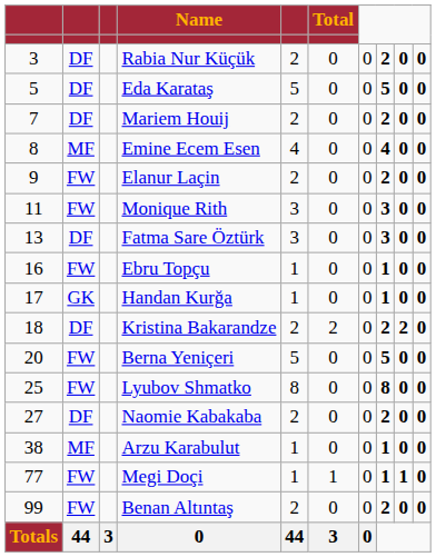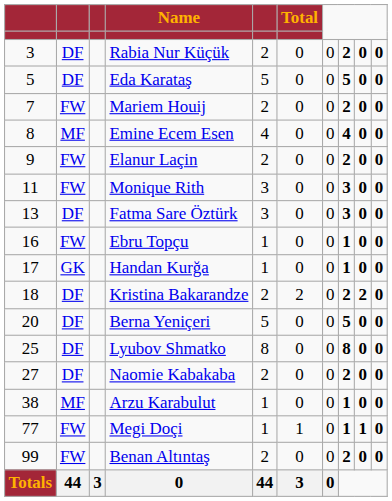 <table class="wikitable" style="text-align:center;">
 <tr>
 <th style="background:#A32638; color:#FFB300; "></th>
 <th style="background:#A32638; color:#FFB300; "></th>
 <th style="background:#A32638; color:#FFB300; "></th>
 <th style="background:#A32638; color:#FFB300; ">Name</th>
 <th style="background:#A32638; color:#FFB300; "></th>
 <th style="background:#A32638; color:#FFB300; ">Total</th>
 </tr>
 <tr>
 <th style="background:#A32638; color:#FFB300; "></th>
 <th style="background:#A32638; color:#FFB300; "></th>
 <th style="background:#A32638; color:#FFB300; "></th>
 <th style="background:#A32638; color:#FFB300; "></th>
 <th style="background:#A32638; color:#FFB300; "></th>
 <th style="background:#A32638; color:#FFB300; "></th>
 </tr>
 <tr>
 <td>3</td>
 <td><a href='#'>DF</a></td>
 <td></td>
 <td align=left><a href='#'>Rabia Nur Küçük</a></td>
 <td>2</td>
 <td>0</td>
 <td>0</td>
 <td><strong>2</strong></td>
 <td><strong>0</strong></td>
 <td><strong>0</strong></td>
 </tr>
 <tr>
 <td>5</td>
 <td><a href='#'>DF</a></td>
 <td></td>
 <td align=left><a href='#'>Eda Karataş</a></td>
 <td>5</td>
 <td>0</td>
 <td>0</td>
 <td><strong>5</strong></td>
 <td><strong>0</strong></td>
 <td><strong>0</strong></td>
 </tr>
 <tr>
 <td>7</td>
-<td><a href='#'>DF</a></td>
+<td><a href='#'>FW</a></td>
 <td></td>
 <td align=left><a href='#'>Mariem Houij</a></td>
 <td>2</td>
 <td>0</td>
 <td>0</td>
 <td><strong>2</strong></td>
 <td><strong>0</strong></td>
 <td><strong>0</strong></td>
 </tr>
 <tr>
 <td>8</td>
 <td><a href='#'>MF</a></td>
 <td></td>
 <td align=left><a href='#'>Emine Ecem Esen</a></td>
 <td>4</td>
 <td>0</td>
 <td>0</td>
 <td><strong>4</strong></td>
 <td><strong>0</strong></td>
 <td><strong>0</strong></td>
 </tr>
 <tr>
 <td>9</td>
 <td><a href='#'>FW</a></td>
 <td></td>
 <td align=left><a href='#'>Elanur Laçin</a></td>
 <td>2</td>
 <td>0</td>
 <td>0</td>
 <td><strong>2</strong></td>
 <td><strong>0</strong></td>
 <td><strong>0</strong></td>
 </tr>
 <tr>
 <td>11</td>
 <td><a href='#'>FW</a></td>
 <td></td>
 <td align=left><a href='#'>Monique Rith</a></td>
 <td>3</td>
 <td>0</td>
 <td>0</td>
 <td><strong>3</strong></td>
 <td><strong>0</strong></td>
 <td><strong>0</strong></td>
 </tr>
 <tr>
 <td>13</td>
 <td><a href='#'>DF</a></td>
 <td></td>
 <td align=left><a href='#'>Fatma Sare Öztürk</a></td>
 <td>3</td>
 <td>0</td>
 <td>0</td>
 <td><strong>3</strong></td>
 <td><strong>0</strong></td>
 <td><strong>0</strong></td>
 </tr>
 <tr>
 <td>16</td>
 <td><a href='#'>FW</a></td>
 <td></td>
 <td align=left><a href='#'>Ebru Topçu</a></td>
 <td>1</td>
 <td>0</td>
 <td>0</td>
 <td><strong>1</strong></td>
 <td><strong>0</strong></td>
 <td><strong>0</strong></td>
 </tr>
 <tr>
 <td>17</td>
 <td><a href='#'>GK</a></td>
 <td></td>
 <td align=left><a href='#'>Handan Kurğa</a></td>
 <td>1</td>
 <td>0</td>
 <td>0</td>
 <td><strong>1</strong></td>
 <td><strong>0</strong></td>
 <td><strong>0</strong></td>
 </tr>
 <tr>
 <td>18</td>
 <td><a href='#'>DF</a></td>
 <td></td>
 <td align=left><a href='#'>Kristina Bakarandze</a></td>
 <td>2</td>
 <td>2</td>
 <td>0</td>
 <td><strong>2</strong></td>
 <td><strong>2</strong></td>
 <td><strong>0</strong></td>
 </tr>
 <tr>
 <td>20</td>
-<td><a href='#'>FW</a></td>
+<td><a href='#'>DF</a></td>
 <td></td>
 <td align=left><a href='#'>Berna Yeniçeri</a></td>
 <td>5</td>
 <td>0</td>
 <td>0</td>
 <td><strong>5</strong></td>
 <td><strong>0</strong></td>
 <td><strong>0</strong></td>
 </tr>
 <tr>
 <td>25</td>
-<td><a href='#'>FW</a></td>
+<td><a href='#'>DF</a></td>
 <td></td>
 <td align=left><a href='#'>Lyubov Shmatko</a></td>
 <td>8</td>
 <td>0</td>
 <td>0</td>
 <td><strong>8</strong></td>
 <td><strong>0</strong></td>
 <td><strong>0</strong></td>
 </tr>
 <tr>
 <td>27</td>
 <td><a href='#'>DF</a></td>
 <td></td>
 <td align=left><a href='#'>Naomie Kabakaba</a></td>
 <td>2</td>
 <td>0</td>
 <td>0</td>
 <td><strong>2</strong></td>
 <td><strong>0</strong></td>
 <td><strong>0</strong></td>
 </tr>
 <tr>
 <td>38</td>
 <td><a href='#'>MF</a></td>
 <td></td>
 <td align=left><a href='#'>Arzu Karabulut</a></td>
 <td>1</td>
 <td>0</td>
 <td>0</td>
 <td><strong>1</strong></td>
 <td><strong>0</strong></td>
 <td><strong>0</strong></td>
 </tr>
 <tr>
 <td>77</td>
 <td><a href='#'>FW</a></td>
 <td></td>
 <td align=left><a href='#'>Megi Doçi</a></td>
 <td>1</td>
 <td>1</td>
 <td>0</td>
 <td><strong>1</strong></td>
 <td><strong>1</strong></td>
 <td><strong>0</strong></td>
 </tr>
 <tr>
 <td>99</td>
 <td><a href='#'>FW</a></td>
 <td></td>
 <td align=left><a href='#'>Benan Altıntaş</a></td>
 <td>2</td>
 <td>0</td>
 <td>0</td>
 <td><strong>2</strong></td>
 <td><strong>0</strong></td>
 <td><strong>0</strong></td>
 </tr>
 <tr>
 <td style="background:#A32638; color:#FFB300; "><strong>Totals</strong></td>
 <th><strong>44</strong></th>
 <th><strong>3</strong></th>
 <th><strong>0</strong></th>
 <th><strong>44</strong></th>
 <th><strong>3</strong></th>
 <th><strong>0</strong></th>
 </tr>
 </table>
